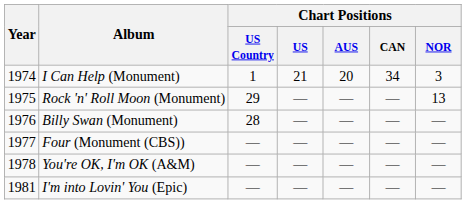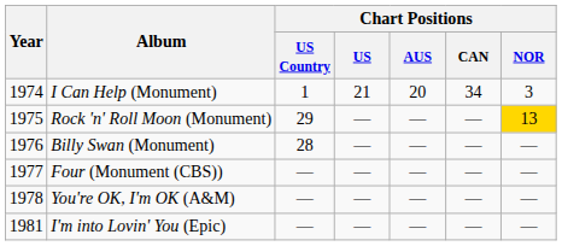 <table class="wikitable">
 <tr>
 <th rowspan="2">Year</th>
 <th rowspan="2">Album</th>
 <th colspan="5">Chart Positions</th>
 </tr>
 <tr>
 <th width="45"><small><a href='#'>US Country</a></small></th>
 <th width="45"><small><a href='#'>US</a></small></th>
 <th width="45"><small><a href='#'>AUS</a></small></th>
 <th width="45"><small>CAN</small></th>
 <th width="45"><small><a href='#'>NOR</a></small></th>
 </tr>
 <tr>
 <td>1974</td>
 <td><em>I Can Help</em> (Monument)</td>
 <td align=center>1</td>
 <td align=center>21</td>
 <td align=center>20</td>
 <td align=center>34</td>
 <td align=center>3</td>
 </tr>
 <tr>
 <td>1975</td>
 <td><em>Rock 'n' Roll Moon</em> (Monument)</td>
 <td align=center>29</td>
 <td align=center>—</td>
 <td align=center>—</td>
 <td align=center>—</td>
-<td align=center>13</td>
+<td align=center style="background: gold;">13</td>
 </tr>
 <tr>
 <td>1976</td>
 <td><em>Billy Swan</em> (Monument)</td>
 <td align=center>28</td>
 <td align=center>—</td>
 <td align=center>—</td>
 <td align=center>—</td>
 <td align=center>—</td>
 </tr>
 <tr>
 <td>1977</td>
 <td><em>Four</em> (Monument (CBS))</td>
 <td align=center>—</td>
 <td align=center>—</td>
 <td align=center>—</td>
 <td align=center>—</td>
 <td align=center>—</td>
 </tr>
 <tr>
 <td>1978</td>
 <td><em>You're OK, I'm OK</em> (A&M)</td>
 <td align=center>—</td>
 <td align=center>—</td>
 <td align=center>—</td>
 <td align=center>—</td>
 <td align=center>—</td>
 </tr>
 <tr>
 <td>1981</td>
 <td><em>I'm into Lovin' You</em> (Epic)</td>
 <td align=center>—</td>
 <td align=center>—</td>
 <td align=center>—</td>
 <td align=center>—</td>
 <td align=center>—</td>
 </tr>
 </table>
